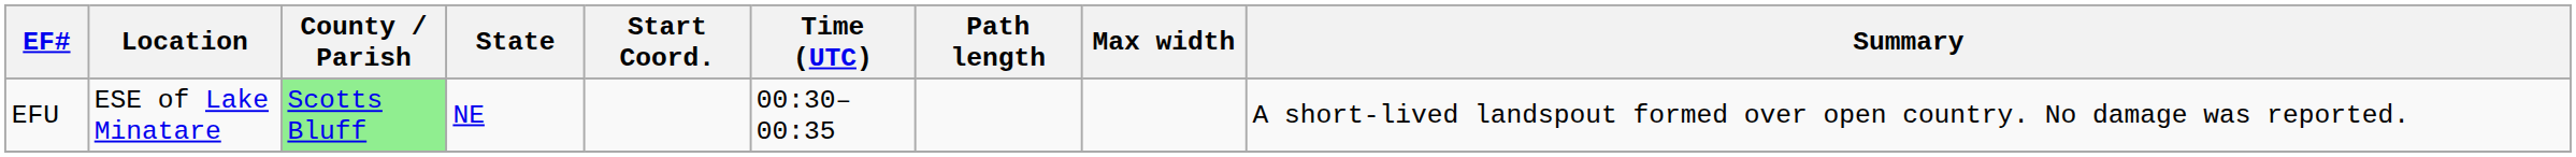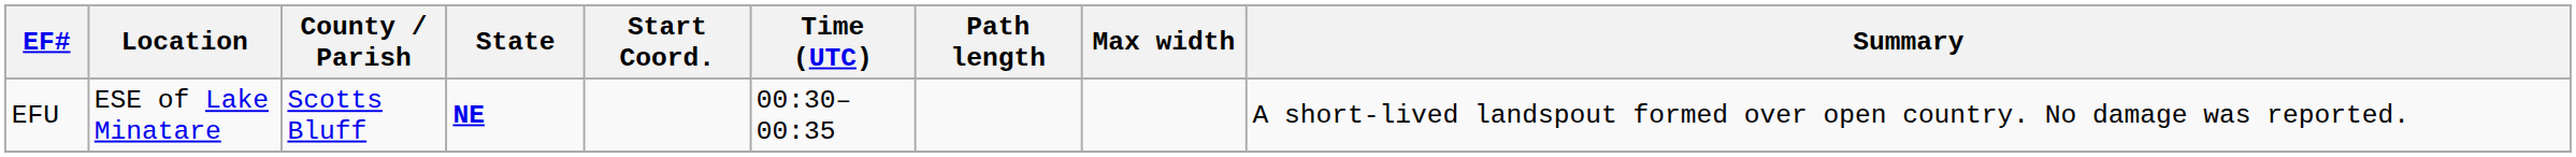 <table class="wikitable sortable" style="width:100%;">
 <tr>
 <th scope="col"  style="width:3%; text-align:center;"><a href='#'>EF#</a></th>
 <th scope="col"  style="width:7%; text-align:center;" class="unsortable">Location</th>
 <th scope="col"  style="width:6%; text-align:center;" class="unsortable">County / Parish</th>
 <th scope="col"  style="width:5%; text-align:center;">State</th>
 <th scope="col"  style="width:6%; text-align:center;">Start Coord.</th>
 <th scope="col"  style="width:6%; text-align:center;">Time (<a href='#'>UTC</a>)</th>
 <th scope="col"  style="width:6%; text-align:center;">Path length</th>
 <th scope="col"  style="width:6%; text-align:center;">Max width</th>
 <th scope="col" class="unsortable" style="width:48%; text-align:center;">Summary</th>
 </tr>
 <tr>
 <td>EFU</td>
 <td>ESE of <a href='#'>Lake Minatare</a></td>
-<td style="background: lightgreen;"><a href='#'>Scotts Bluff</a></td>
-<td><a href='#'>NE</a></td>
+<td><a href='#'>Scotts Bluff</a></td>
+<td><strong><a href='#'>NE</a></strong></td>
 <td></td>
 <td>00:30–00:35</td>
 <td></td>
 <td></td>
 <td>A short-lived landspout formed over open country. No damage was reported.</td>
 </tr>
 <tr>
 </tr>
 </table>
